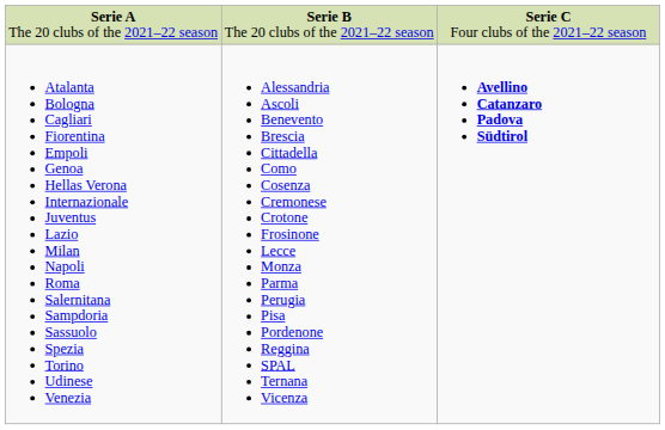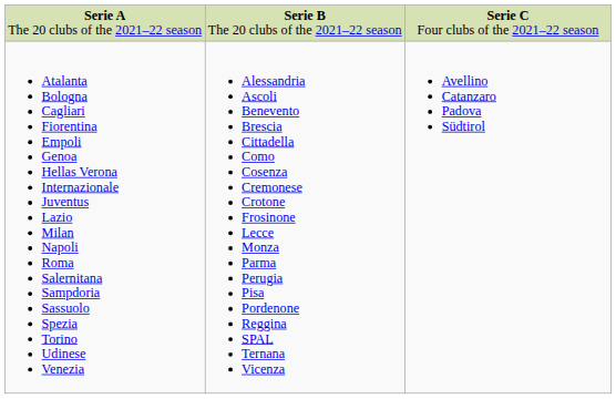 <table class="wikitable">
 <tr style="background:#D6E2B3; text-align:center; vertical-align:top;">
 <td style="width:33%"><strong>Serie A</strong><br>The 20 clubs of the <a href='#'>2021–22 season</a></td>
 <td style="width:33%"><strong>Serie B</strong><br>The 20 clubs of the <a href='#'>2021–22 season</a></td>
 <td style="width:34%"><strong>Serie C</strong><br>Four clubs of the <a href='#'>2021–22 season</a></td>
 </tr>
 <tr style="vertical-align:top">
 <td><br><ul><li><a href='#'>Atalanta</a></li><li><a href='#'>Bologna</a></li><li><a href='#'>Cagliari</a></li><li><a href='#'>Fiorentina</a></li><li><a href='#'>Empoli</a></li><li><a href='#'>Genoa</a></li><li><a href='#'>Hellas Verona</a></li><li><a href='#'>Internazionale</a></li><li><a href='#'>Juventus</a></li><li><a href='#'>Lazio</a></li><li><a href='#'>Milan</a></li><li><a href='#'>Napoli</a></li><li><a href='#'>Roma</a></li><li><a href='#'>Salernitana</a></li><li><a href='#'>Sampdoria</a></li><li><a href='#'>Sassuolo</a></li><li><a href='#'>Spezia</a></li><li><a href='#'>Torino</a></li><li><a href='#'>Udinese</a></li><li><a href='#'>Venezia</a></li></ul></td>
 <td><br><ul><li><a href='#'>Alessandria</a></li><li><a href='#'>Ascoli</a></li><li><a href='#'>Benevento</a></li><li><a href='#'>Brescia</a></li><li><a href='#'>Cittadella</a></li><li><a href='#'>Como</a></li><li><a href='#'>Cosenza</a></li><li><a href='#'>Cremonese</a></li><li><a href='#'>Crotone</a></li><li><a href='#'>Frosinone</a></li><li><a href='#'>Lecce</a></li><li><a href='#'>Monza</a></li><li><a href='#'>Parma</a></li><li><a href='#'>Perugia</a></li><li><a href='#'>Pisa</a></li><li><a href='#'>Pordenone</a></li><li><a href='#'>Reggina</a></li><li><a href='#'>SPAL</a></li><li><a href='#'>Ternana</a></li><li><a href='#'>Vicenza</a></li></ul></td>
-<td><strong><br><ul><li><a href='#'>Avellino</a></li><li><a href='#'>Catanzaro</a></li><li><a href='#'>Padova</a></li><li><a href='#'>Südtirol</a></li></ul></strong></td>
+<td><br><ul><li><a href='#'>Avellino</a></li><li><a href='#'>Catanzaro</a></li><li><a href='#'>Padova</a></li><li><a href='#'>Südtirol</a></li></ul></td>
 </tr>
 </table>
